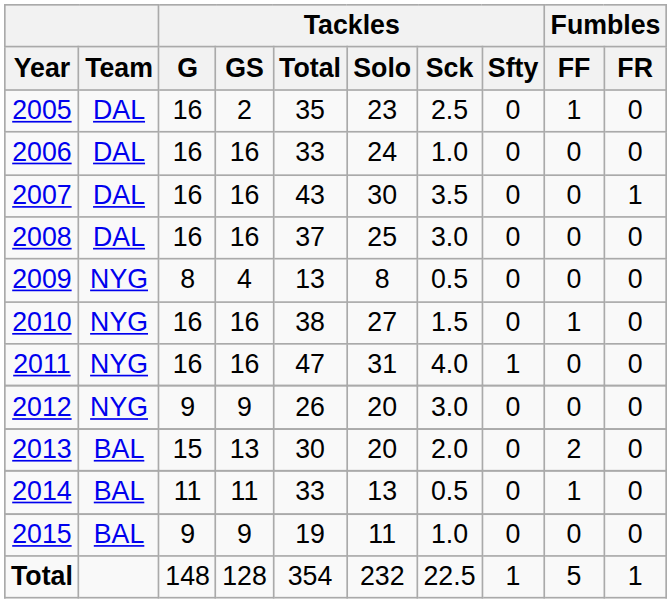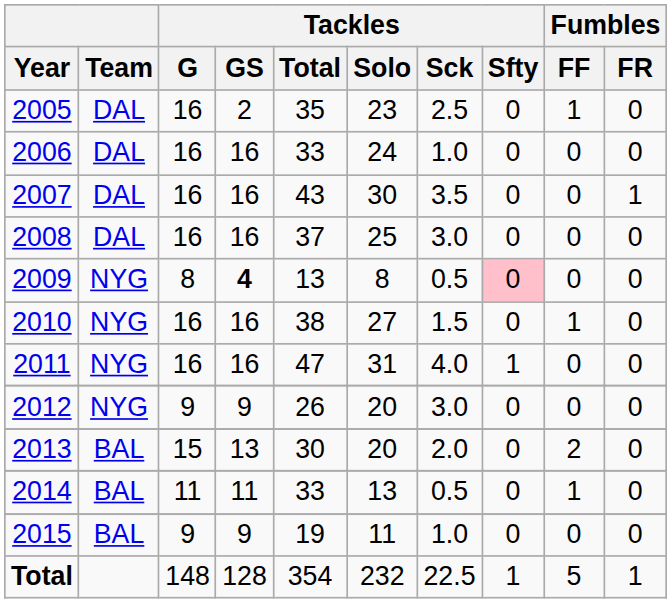 <table class="wikitable">
 <tr>
 <th colspan="2"></th>
 <th colspan="6">Tackles</th>
 <th colspan="2">Fumbles</th>
 </tr>
 <tr>
 <th>Year</th>
 <th>Team</th>
 <th>G</th>
 <th>GS</th>
 <th>Total</th>
 <th>Solo</th>
 <th>Sck</th>
 <th>Sfty</th>
 <th>FF</th>
 <th>FR</th>
 </tr>
 <tr style="text-align:center;">
 <td><a href='#'>2005</a></td>
 <td><a href='#'>DAL</a></td>
 <td>16</td>
 <td>2</td>
 <td>35</td>
 <td>23</td>
 <td>2.5</td>
 <td>0</td>
 <td>1</td>
 <td>0</td>
 </tr>
 <tr style="text-align:center;">
 <td><a href='#'>2006</a></td>
 <td><a href='#'>DAL</a></td>
 <td>16</td>
 <td>16</td>
 <td>33</td>
 <td>24</td>
 <td>1.0</td>
 <td>0</td>
 <td>0</td>
 <td>0</td>
 </tr>
 <tr style="text-align:center;">
 <td><a href='#'>2007</a></td>
 <td><a href='#'>DAL</a></td>
 <td>16</td>
 <td>16</td>
 <td>43</td>
 <td>30</td>
 <td>3.5</td>
 <td>0</td>
 <td>0</td>
 <td>1</td>
 </tr>
 <tr style="text-align:center;">
 <td><a href='#'>2008</a></td>
 <td><a href='#'>DAL</a></td>
 <td>16</td>
 <td>16</td>
 <td>37</td>
 <td>25</td>
 <td>3.0</td>
 <td>0</td>
 <td>0</td>
 <td>0</td>
 </tr>
 <tr style="text-align:center;">
 <td><a href='#'>2009</a></td>
 <td><a href='#'>NYG</a></td>
 <td>8</td>
-<td>4</td>
+<td><strong>4</strong></td>
 <td>13</td>
 <td>8</td>
 <td>0.5</td>
-<td>0</td>
+<td style="background: pink;">0</td>
 <td>0</td>
 <td>0</td>
 </tr>
 <tr style="text-align:center;">
 <td><a href='#'>2010</a></td>
 <td><a href='#'>NYG</a></td>
 <td>16</td>
 <td>16</td>
 <td>38</td>
 <td>27</td>
 <td>1.5</td>
 <td>0</td>
 <td>1</td>
 <td>0</td>
 </tr>
 <tr style="text-align:center;">
 <td><a href='#'>2011</a></td>
 <td><a href='#'>NYG</a></td>
 <td>16</td>
 <td>16</td>
 <td>47</td>
 <td>31</td>
 <td>4.0</td>
 <td>1</td>
 <td>0</td>
 <td>0</td>
 </tr>
 <tr style="text-align:center;">
 </tr>
 <tr style="text-align:center;">
 <td><a href='#'>2012</a></td>
 <td><a href='#'>NYG</a></td>
 <td>9</td>
 <td>9</td>
 <td>26</td>
 <td>20</td>
 <td>3.0</td>
 <td>0</td>
 <td>0</td>
 <td>0</td>
 </tr>
 <tr style="text-align:center;">
 </tr>
 <tr style="text-align:center;">
 <td><a href='#'>2013</a></td>
 <td><a href='#'>BAL</a></td>
 <td>15</td>
 <td>13</td>
 <td>30</td>
 <td>20</td>
 <td>2.0</td>
 <td>0</td>
 <td>2</td>
 <td>0</td>
 </tr>
 <tr style="text-align:center;">
 </tr>
 <tr style="text-align:center;">
 <td><a href='#'>2014</a></td>
 <td><a href='#'>BAL</a></td>
 <td>11</td>
 <td>11</td>
 <td>33</td>
 <td>13</td>
 <td>0.5</td>
 <td>0</td>
 <td>1</td>
 <td>0</td>
 </tr>
 <tr style="text-align:center;">
 </tr>
 <tr style="text-align:center;">
 <td><a href='#'>2015</a></td>
 <td><a href='#'>BAL</a></td>
 <td>9</td>
 <td>9</td>
 <td>19</td>
 <td>11</td>
 <td>1.0</td>
 <td>0</td>
 <td>0</td>
 <td>0</td>
 </tr>
 <tr style="text-align:center;">
 <td><strong>Total</strong></td>
 <td></td>
 <td>148</td>
 <td>128</td>
 <td>354</td>
 <td>232</td>
 <td>22.5</td>
 <td>1</td>
 <td>5</td>
 <td>1</td>
 </tr>
 </table>
